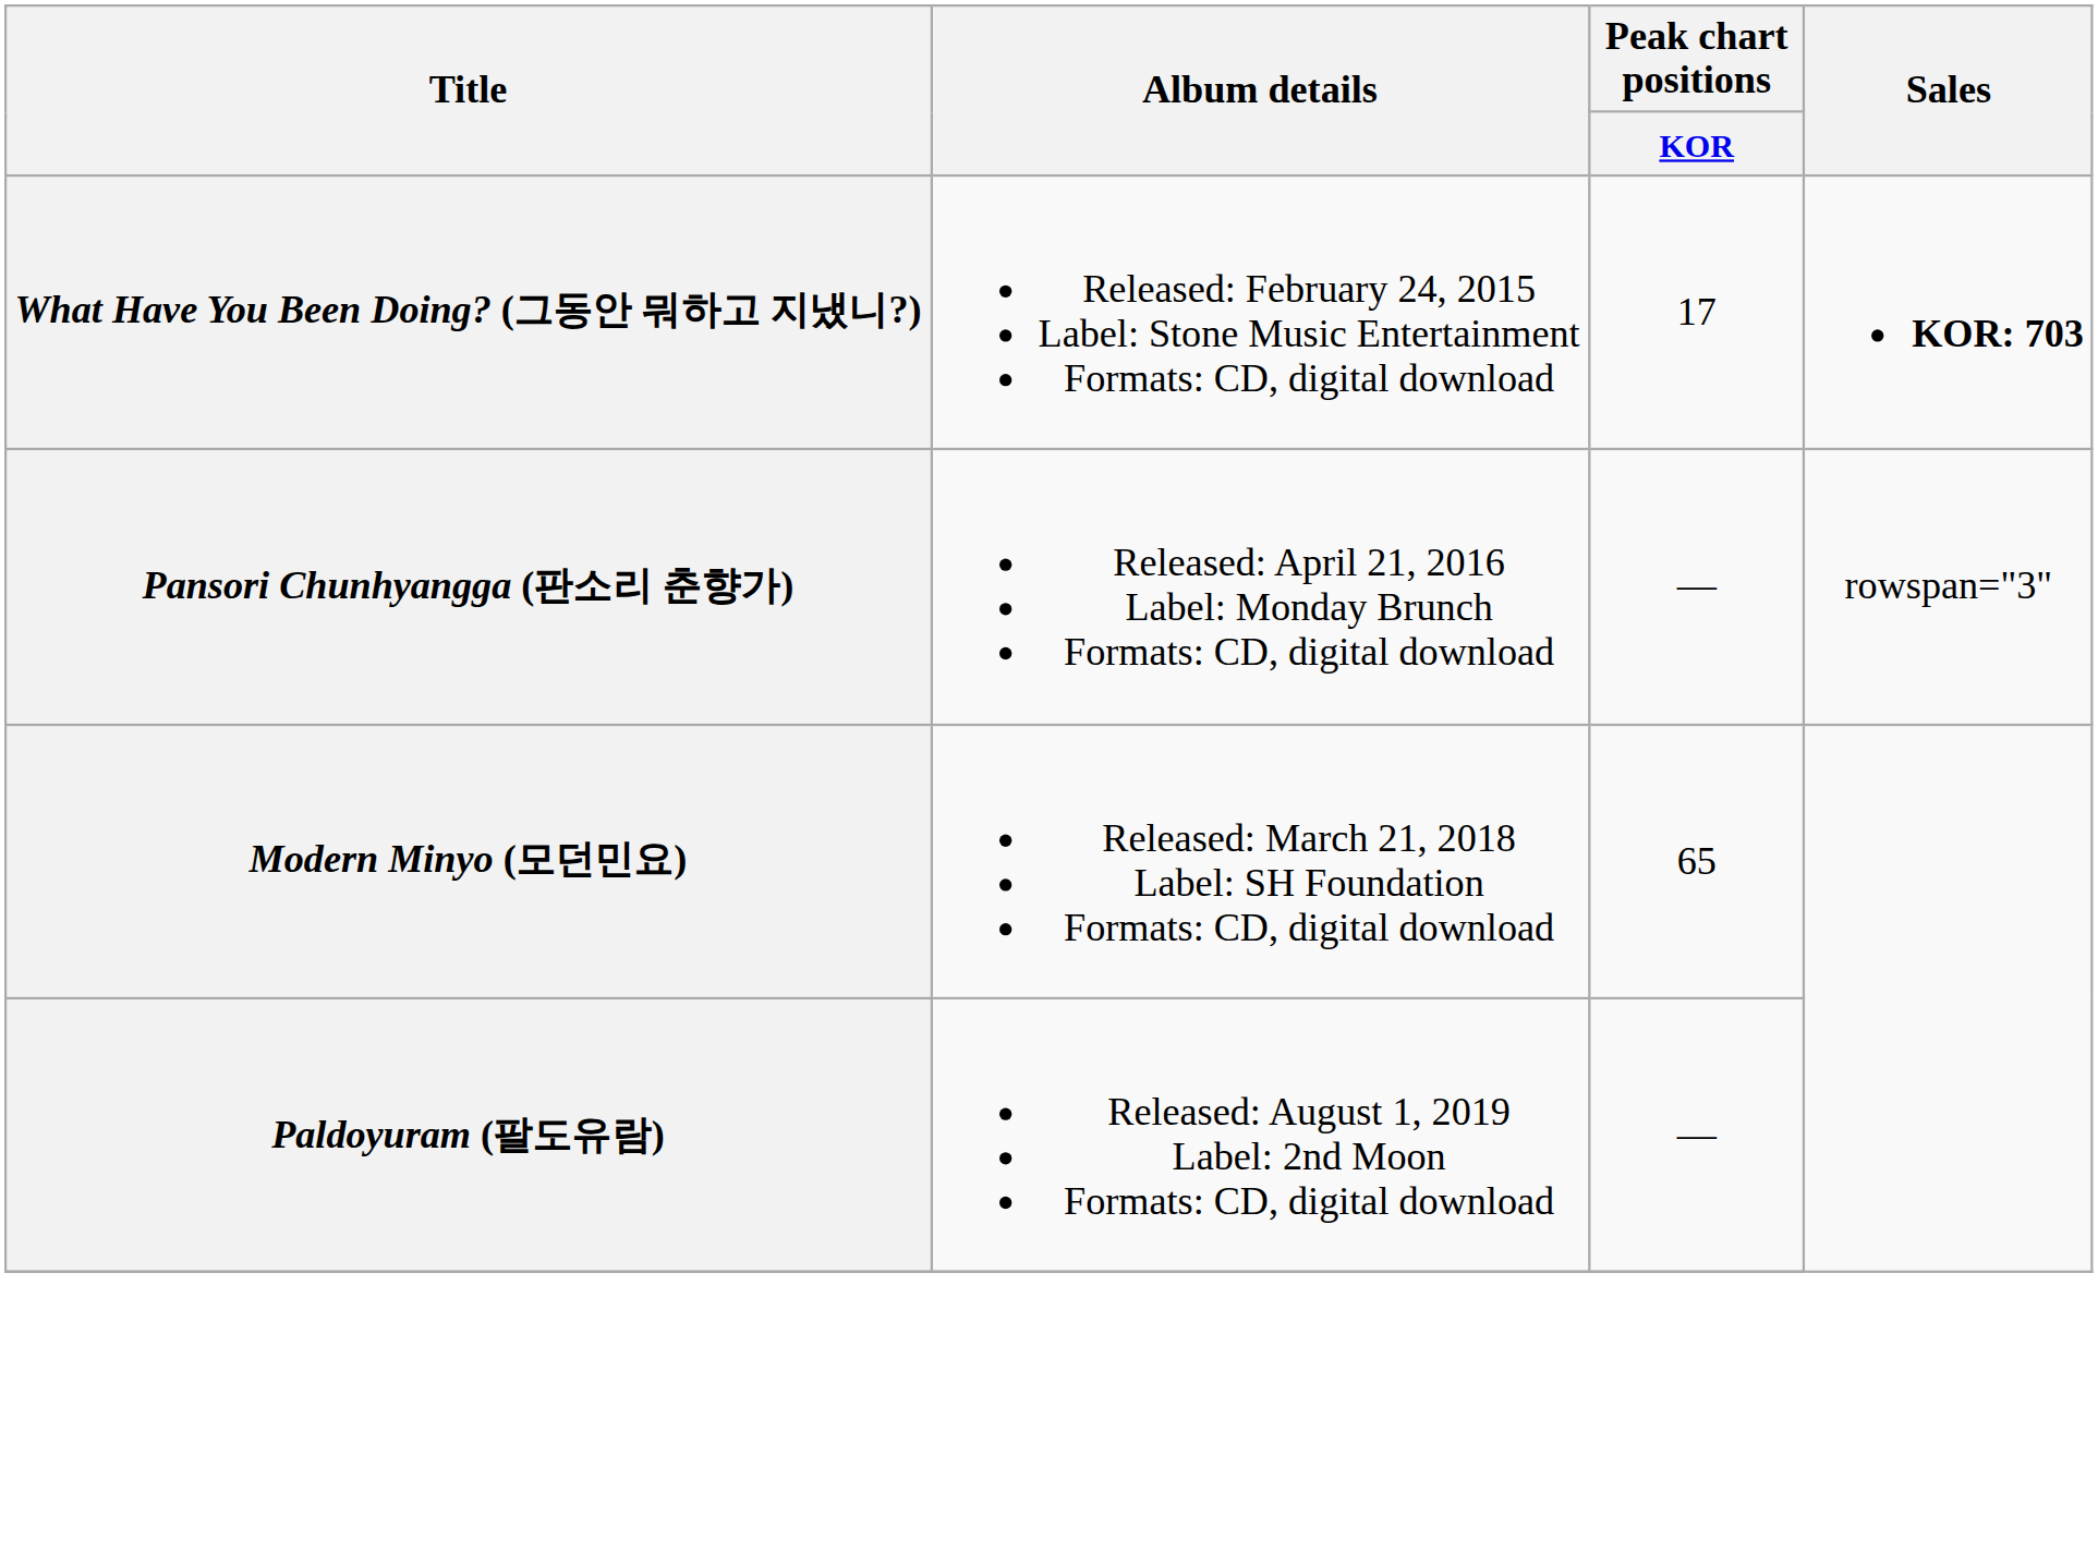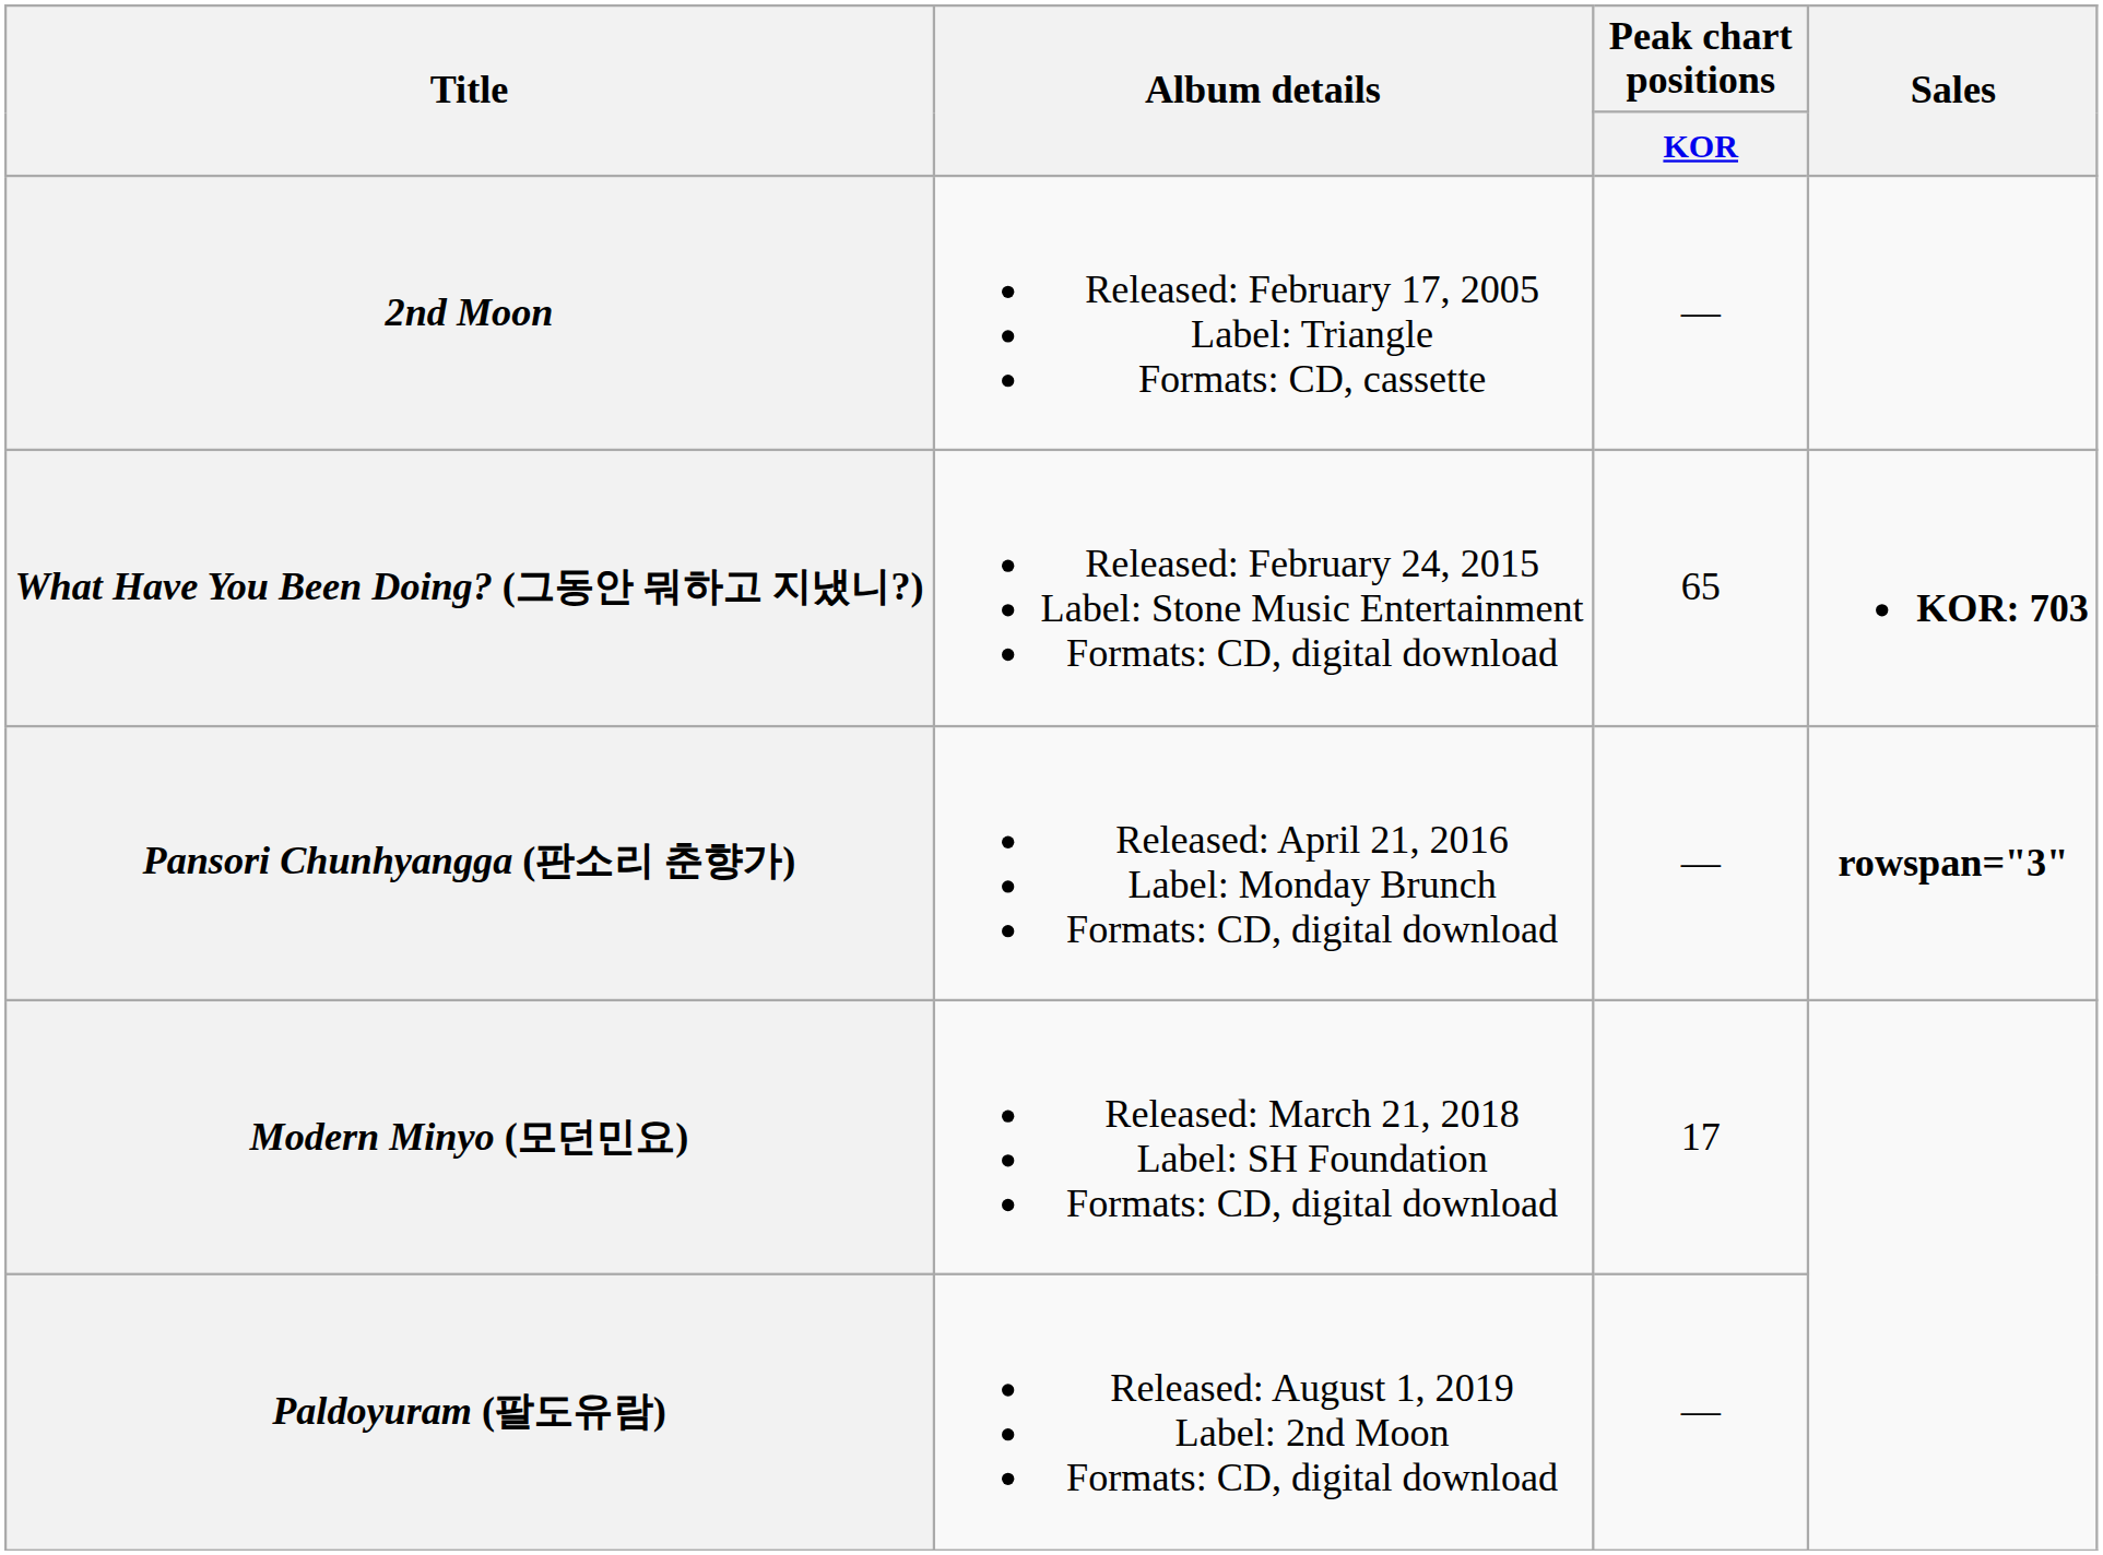 <table class="wikitable plainrowheaders" style="text-align:center;">
 <tr>
 <th scope="col" rowspan="2">Title</th>
 <th scope="col" rowspan="2">Album details</th>
 <th scope="col" colspan="1" style="width:5em;">Peak chart positions</th>
 <th scope="col" rowspan="2">Sales</th>
 </tr>
 <tr>
 <th><small><a href='#'>KOR</a></small><br></th>
 </tr>
 <tr>
+<th scope="row"><em>2nd Moon</em></th>
+<td><br><ul><li>Released: February 17, 2005</li><li>Label: Triangle</li><li>Formats: CD, cassette</li></ul></td>
+<td>—</td>
+<td></td>
+</tr>
+<tr>
 <th scope="row"><em>What Have You Been Doing?</em> (그동안 뭐하고 지냈니?)</th>
 <td><br><ul><li>Released: February 24, 2015</li><li>Label: Stone Music Entertainment</li><li>Formats: CD, digital download</li></ul></td>
-<td>17</td>
+<td>65</td>
 <td><strong><br><ul><li>KOR: 703</li></ul></strong></td>
 </tr>
 <tr>
 <th scope="row"><em>Pansori Chunhyangga</em> (판소리 춘향가)</th>
 <td><br><ul><li>Released: April 21, 2016</li><li>Label: Monday Brunch</li><li>Formats: CD, digital download</li></ul></td>
 <td>—</td>
-<td>rowspan="3" </td>
+<td><strong>rowspan="3" </strong></td>
 </tr>
 <tr>
 <th scope="row"><em>Modern Minyo</em> (모던민요)<br></th>
 <td><br><ul><li>Released: March 21, 2018</li><li>Label: SH Foundation</li><li>Formats: CD, digital download</li></ul></td>
-<td>65</td>
+<td>17</td>
 </tr>
 <tr>
 <th scope="row"><em>Paldoyuram</em> (팔도유람)</th>
 <td><br><ul><li>Released: August 1, 2019</li><li>Label: 2nd Moon</li><li>Formats: CD, digital download</li></ul></td>
 <td>—</td>
 </tr>
 <tr>
 </tr>
 </table>
